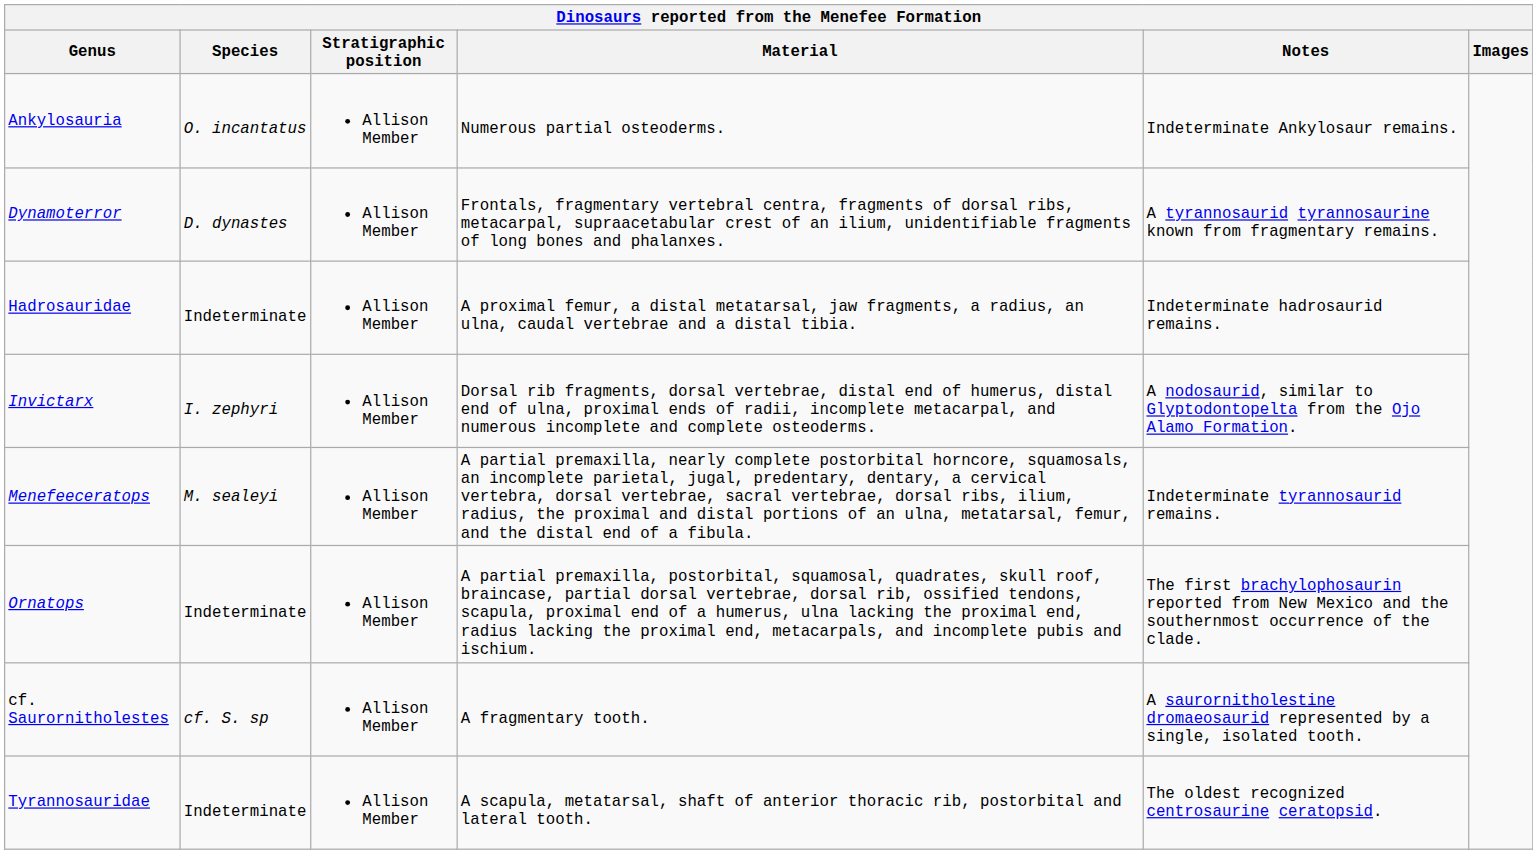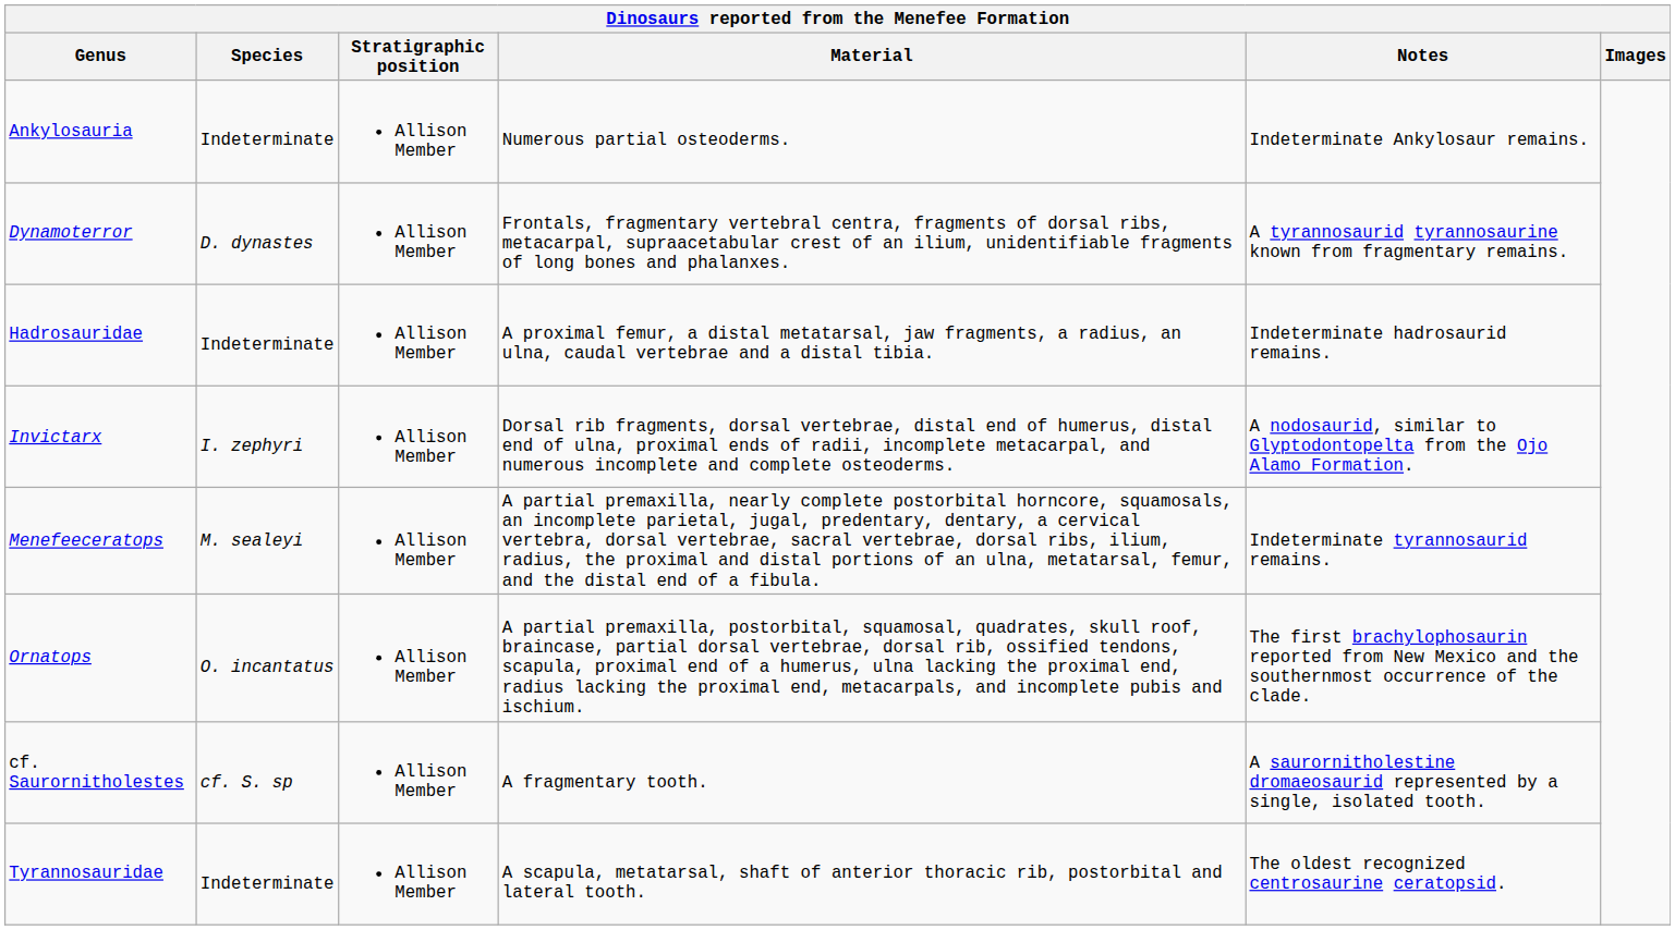 <table class="wikitable" align="center" width="100%">
 <tr>
 <th colspan="7" style="text-align:center;"><strong><a href='#'>Dinosaurs</a> reported from the Menefee Formation</strong></th>
 </tr>
 <tr>
 <th>Genus</th>
 <th>Species</th>
 <th>Stratigraphic position</th>
 <th>Material</th>
 <th>Notes</th>
 <th>Images</th>
 </tr>
 <tr>
 <td><a href='#'>Ankylosauria</a></td>
-<td><br><em>O. incantatus</em></td>
+<td><br>Indeterminate</td>
 <td><br><ul><li>Allison Member</li></ul></td>
 <td><br>Numerous partial osteoderms.</td>
 <td><br>Indeterminate Ankylosaur remains.</td>
 <td rowspan="99"><br>   </td>
 </tr>
 <tr>
 <td><em><a href='#'>Dynamoterror</a></em></td>
 <td><br><em>D. dynastes</em></td>
 <td><br><ul><li>Allison Member</li></ul></td>
 <td><br>Frontals, fragmentary vertebral centra, fragments of dorsal ribs, metacarpal, supraacetabular crest of an ilium, unidentifiable fragments of long bones and phalanxes.</td>
 <td><br>A <a href='#'>tyrannosaurid</a> <a href='#'>tyrannosaurine</a> known from fragmentary remains.</td>
 </tr>
 <tr>
 <td><a href='#'>Hadrosauridae</a></td>
 <td><br>Indeterminate</td>
 <td><br><ul><li>Allison Member</li></ul></td>
 <td><br>A proximal femur, a distal metatarsal, jaw fragments, a radius, an ulna, caudal vertebrae and a distal tibia.</td>
 <td><br>Indeterminate hadrosaurid remains.</td>
 </tr>
 <tr>
 <td><em><a href='#'>Invictarx</a></em></td>
 <td><br><em>I. zephyri</em></td>
 <td><br><ul><li>Allison Member</li></ul></td>
 <td><br>Dorsal rib fragments, dorsal vertebrae, distal end of humerus, distal end of ulna, proximal ends of radii, incomplete metacarpal, and numerous incomplete and complete osteoderms.</td>
 <td><br>A <a href='#'>nodosaurid</a>, similar to <a href='#'>Glyptodontopelta</a> from the <a href='#'>Ojo Alamo Formation</a>.</td>
 </tr>
 <tr>
 <td><em><a href='#'>Menefeeceratops</a></em></td>
 <td><em>M. sealeyi</em></td>
 <td><br><ul><li>Allison Member</li></ul></td>
 <td>A partial premaxilla, nearly complete postorbital horncore, squamosals, an incomplete parietal, jugal, predentary, dentary, a cervical vertebra, dorsal vertebrae, sacral vertebrae, dorsal ribs, ilium, radius, the proximal and distal portions of an ulna, metatarsal, femur, and the distal end of a fibula.</td>
 <td><br>Indeterminate <a href='#'>tyrannosaurid</a> remains.</td>
 </tr>
 <tr>
 <td><em><a href='#'>Ornatops</a></em></td>
-<td><br>Indeterminate</td>
+<td><br><em>O. incantatus</em></td>
 <td><br><ul><li>Allison Member</li></ul></td>
 <td><br>A partial premaxilla, postorbital, squamosal, quadrates, skull roof, braincase, partial dorsal vertebrae, dorsal rib, ossified tendons, scapula, proximal end of a humerus, ulna lacking the proximal end, radius lacking the proximal end, metacarpals, and incomplete pubis and ischium.</td>
 <td><br>The first <a href='#'>brachylophosaurin</a> reported from New Mexico and the southernmost occurrence of the clade.</td>
 </tr>
 <tr>
 <td>cf. <a href='#'>Saurornitholestes</a></td>
 <td><br><em>cf. S. sp</em></td>
 <td><br><ul><li>Allison Member</li></ul></td>
 <td><br>A fragmentary tooth.</td>
 <td><br>A <a href='#'>saurornitholestine</a> <a href='#'>dromaeosaurid</a> represented by a single, isolated tooth.</td>
 </tr>
 <tr>
 <td><a href='#'>Tyrannosauridae</a></td>
 <td><br>Indeterminate</td>
 <td><br><ul><li>Allison Member</li></ul></td>
 <td><br>A scapula, metatarsal, shaft of anterior thoracic rib, postorbital and lateral tooth.</td>
 <td>The oldest recognized <a href='#'>centrosaurine</a> <a href='#'>ceratopsid</a>.</td>
 </tr>
 </table>
